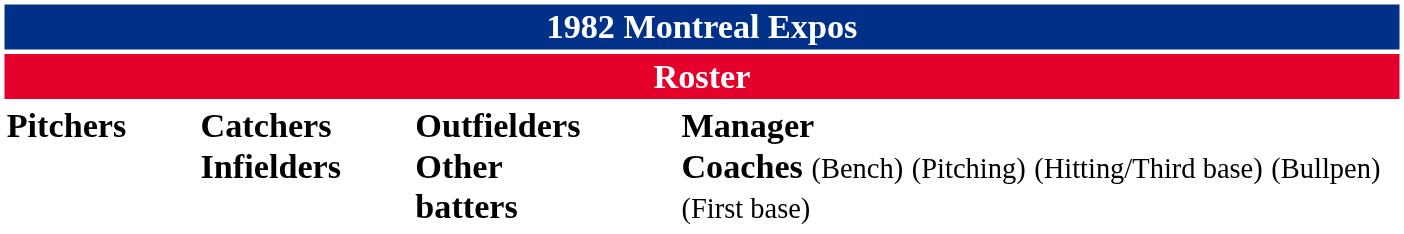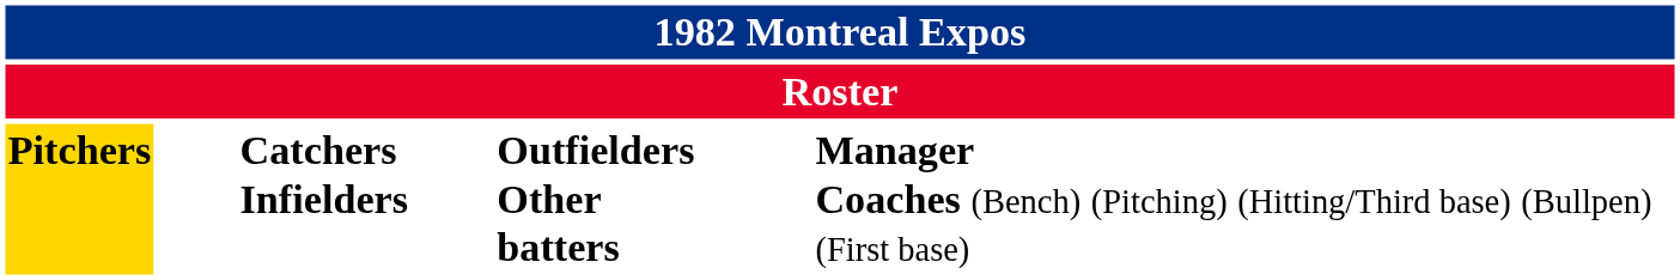 <table class="toccolours" style="font-size: 95%;">
 <tr>
 <th colspan="10" style="background-color: #003087; color: #FFFFFF; text-align: center;">1982 Montreal Expos</th>
 </tr>
 <tr>
 <td colspan="10" style="background-color: #E4002B; color: #FFFFFF; text-align: center;"><strong>Roster</strong></td>
 </tr>
 <tr>
-<td valign="top"><strong>Pitchers</strong><br>              </td>
+<td valign="top" style="background: gold;"><strong>Pitchers</strong><br>              </td>
 <td width="25px"></td>
 <td valign="top"><strong>Catchers</strong><br>   <strong>Infielders</strong>            </td>
 <td width="25px"></td>
 <td valign="top"><strong>Outfielders</strong><br>         <strong>Other batters</strong>   </td>
 <td width="25px"></td>
 <td valign="top"><strong>Manager</strong><br> <strong>Coaches</strong>  <small>(Bench)</small>  <small>(Pitching)</small>  <small>(Hitting/Third base)</small>  <small>(Bullpen)</small>  <small>(First base)</small></td>
 </tr>
 <tr>
 </tr>
 </table>
